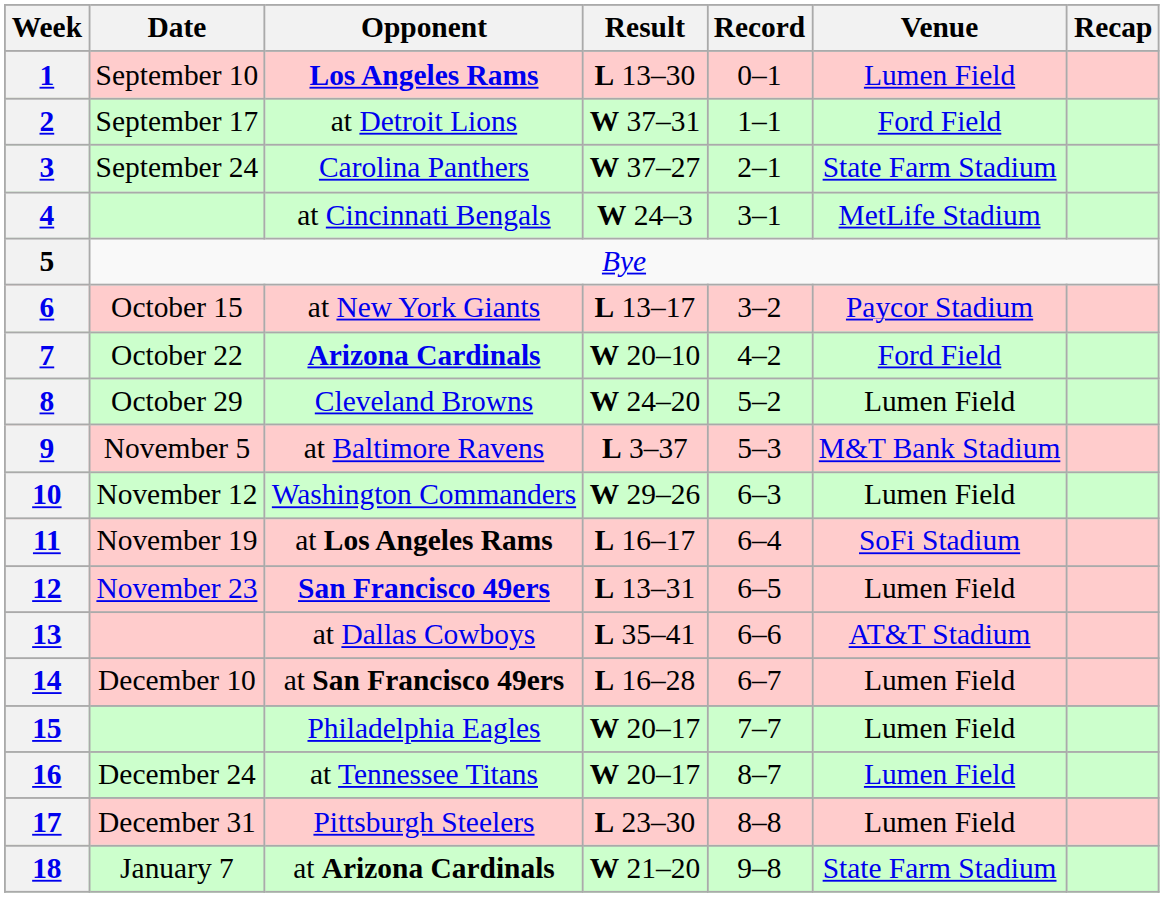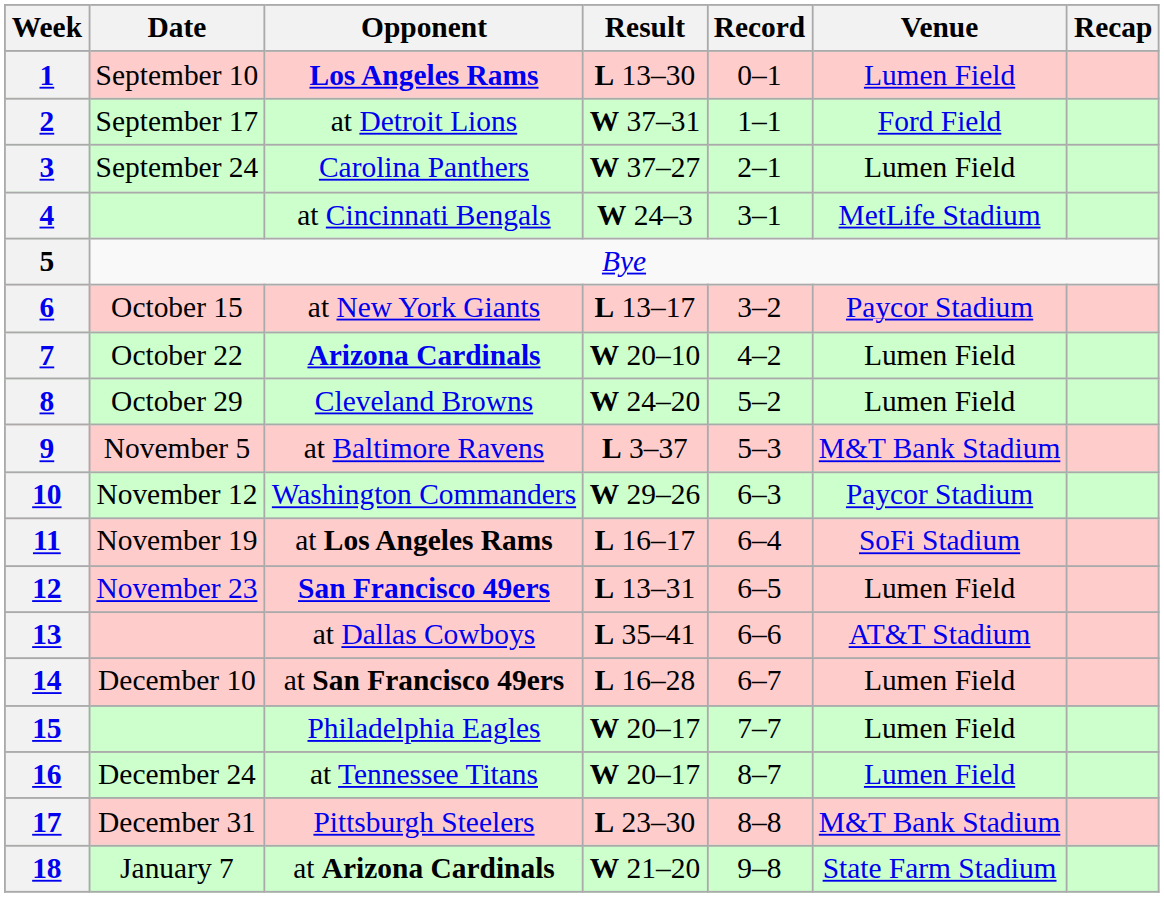 <table class="wikitable" style="text-align:center">
 <tr>
 <th>Week</th>
 <th>Date</th>
 <th>Opponent</th>
 <th>Result</th>
 <th>Record</th>
 <th>Venue</th>
 <th>Recap</th>
 </tr>
 <tr style="background:#fcc">
 <th><a href='#'>1</a></th>
 <td>September 10</td>
 <td><strong><a href='#'>Los Angeles Rams</a></strong></td>
 <td><strong>L</strong> 13–30</td>
 <td>0–1</td>
 <td><a href='#'>Lumen Field</a></td>
 <td></td>
 </tr>
 <tr style="background:#cfc">
 <th><a href='#'>2</a></th>
 <td>September 17</td>
 <td>at <a href='#'>Detroit Lions</a></td>
 <td><strong>W</strong> 37–31 </td>
 <td>1–1</td>
 <td><a href='#'>Ford Field</a></td>
 <td></td>
 </tr>
 <tr style="background:#cfc">
 <th><a href='#'>3</a></th>
 <td>September 24</td>
 <td><a href='#'>Carolina Panthers</a></td>
 <td><strong>W</strong> 37–27</td>
 <td>2–1</td>
-<td><a href='#'>State Farm Stadium</a></td>
+<td>Lumen Field</td>
 <td></td>
 </tr>
 <tr style="background:#cfc">
 <th><a href='#'>4</a></th>
 <td></td>
 <td>at <a href='#'>Cincinnati Bengals</a></td>
 <td><strong>W</strong> 24–3</td>
 <td>3–1</td>
 <td><a href='#'>MetLife Stadium</a></td>
 <td></td>
 </tr>
 <tr>
 <th>5</th>
 <td colspan="6"><em><a href='#'>Bye</a></em></td>
 </tr>
 <tr style="background:#fcc">
 <th><a href='#'>6</a></th>
 <td>October 15</td>
 <td>at <a href='#'>New York Giants</a></td>
 <td><strong>L</strong> 13–17</td>
 <td>3–2</td>
 <td><a href='#'>Paycor Stadium</a></td>
 <td></td>
 </tr>
 <tr style="background:#cfc">
 <th><a href='#'>7</a></th>
 <td>October 22</td>
 <td><strong><a href='#'>Arizona Cardinals</a></strong></td>
 <td><strong>W</strong> 20–10</td>
 <td>4–2</td>
-<td><a href='#'>Ford Field</a></td>
+<td>Lumen Field</td>
 <td></td>
 </tr>
 <tr style="background:#cfc">
 <th><a href='#'>8</a></th>
 <td>October 29</td>
 <td><a href='#'>Cleveland Browns</a></td>
 <td><strong>W</strong> 24–20</td>
 <td>5–2</td>
 <td>Lumen Field</td>
 <td></td>
 </tr>
 <tr style="background:#fcc">
 <th><a href='#'>9</a></th>
 <td>November 5</td>
 <td>at <a href='#'>Baltimore Ravens</a></td>
 <td><strong>L</strong> 3–37</td>
 <td>5–3</td>
 <td><a href='#'>M&T Bank Stadium</a></td>
 <td></td>
 </tr>
 <tr style="background:#cfc">
 <th><a href='#'>10</a></th>
 <td>November 12</td>
 <td><a href='#'>Washington Commanders</a></td>
 <td><strong>W</strong> 29–26</td>
 <td>6–3</td>
-<td>Lumen Field</td>
+<td><a href='#'>Paycor Stadium</a></td>
 <td></td>
 </tr>
 <tr style="background:#fcc">
 <th><a href='#'>11</a></th>
 <td>November 19</td>
 <td>at <strong>Los Angeles Rams</strong></td>
 <td><strong>L</strong> 16–17</td>
 <td>6–4</td>
 <td><a href='#'>SoFi Stadium</a></td>
 <td></td>
 </tr>
 <tr style="background:#fcc">
 <th><a href='#'>12</a></th>
 <td><a href='#'>November 23</a></td>
 <td><strong><a href='#'>San Francisco 49ers</a></strong></td>
 <td><strong>L</strong> 13–31</td>
 <td>6–5</td>
 <td>Lumen Field</td>
 <td></td>
 </tr>
 <tr style="background:#fcc">
 <th><a href='#'>13</a></th>
 <td></td>
 <td>at <a href='#'>Dallas Cowboys</a></td>
 <td><strong>L</strong> 35–41</td>
 <td>6–6</td>
 <td><a href='#'>AT&T Stadium</a></td>
 <td></td>
 </tr>
 <tr style="background:#fcc">
 <th><a href='#'>14</a></th>
 <td>December 10</td>
 <td>at <strong>San Francisco 49ers</strong></td>
 <td><strong>L</strong> 16–28</td>
 <td>6–7</td>
 <td>Lumen Field</td>
 <td></td>
 </tr>
 <tr style="background:#cfc">
 <th><a href='#'>15</a></th>
 <td></td>
 <td><a href='#'>Philadelphia Eagles</a></td>
 <td><strong>W</strong> 20–17</td>
 <td>7–7</td>
 <td>Lumen Field</td>
 <td></td>
 </tr>
 <tr style="background:#cfc">
 <th><a href='#'>16</a></th>
 <td>December 24</td>
 <td>at <a href='#'>Tennessee Titans</a></td>
 <td><strong>W</strong> 20–17</td>
 <td>8–7</td>
 <td><a href='#'>Lumen Field</a></td>
 <td></td>
 </tr>
 <tr style="background:#fcc">
 <th><a href='#'>17</a></th>
 <td>December 31</td>
 <td><a href='#'>Pittsburgh Steelers</a></td>
 <td><strong>L</strong> 23–30</td>
 <td>8–8</td>
-<td>Lumen Field</td>
+<td><a href='#'>M&T Bank Stadium</a></td>
 <td></td>
 </tr>
 <tr style="background:#cfc">
 <th><a href='#'>18</a></th>
 <td>January 7</td>
 <td>at <strong>Arizona Cardinals</strong></td>
 <td><strong>W</strong> 21–20</td>
 <td>9–8</td>
 <td><a href='#'>State Farm Stadium</a></td>
 <td></td>
 </tr>
 </table>
